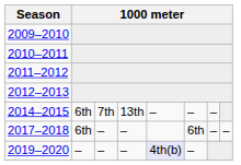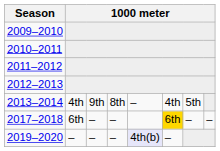 <table class="wikitable" style="display: inline-table;">
 <tr>
 <th>Season</th>
 <th colspan="7">1000 meter</th>
 </tr>
 <tr>
 <td><a href='#'>2009–2010</a></td>
 <td colspan="7" bgcolor=#EEEEEE></td>
 </tr>
 <tr>
 <td><a href='#'>2010–2011</a></td>
 <td colspan="7" bgcolor=#EEEEEE></td>
 </tr>
 <tr>
 <td><a href='#'>2011–2012</a></td>
 <td colspan="7" bgcolor=#EEEEEE></td>
 </tr>
 <tr>
 <td><a href='#'>2012–2013</a></td>
 <td colspan="7" bgcolor=#EEEEEE></td>
 </tr>
 <tr>
-<td><a href='#'>2014–2015</a></td>
-<td>6th</td>
-<td>7th</td>
-<td>13th</td>
+<td><a href='#'>2013–2014</a></td>
+<td>4th</td>
+<td>9th</td>
+<td>8th</td>
 <td>–</td>
-<td>–</td>
-<td>–</td>
+<td>4th</td>
+<td>5th</td>
 <td colspan="1" bgcolor=#EEEEEE></td>
 </tr>
 <tr>
 <td><a href='#'>2017–2018</a></td>
 <td>6th</td>
 <td>–</td>
 <td>–</td>
 <td></td>
-<td>6th</td>
+<td style="background: gold;">6th</td>
 <td>–</td>
 <td>–</td>
 </tr>
 <tr>
 <td><a href='#'>2019–2020</a></td>
 <td>–</td>
 <td>–</td>
 <td>–</td>
 <td style="background: lavender;">4th(b)</td>
 <td>–</td>
 <td colspan="2" bgcolor=#EEEEEE></td>
 </tr>
 </table>
